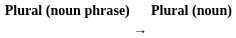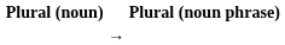 <table style="text-align: left;">
 <tr>
+<td><strong>Plural (noun)</strong></td>
+<td></td>
 <td><strong>Plural (noun phrase)</strong></td>
-<td></td>
-<td><strong>Plural (noun)</strong></td>
 </tr>
 <tr>
 <td></td>
 <td>→</td>
 <td></td>
 </tr>
 </table>
